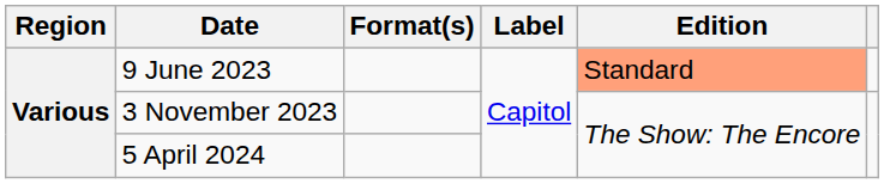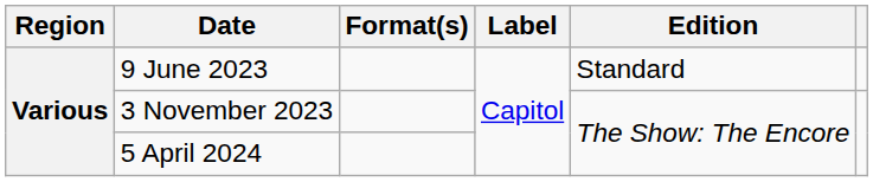 <table class="wikitable plainrowheaders">
 <tr>
 <th scope="col">Region</th>
 <th scope="col">Date</th>
 <th scope="col">Format(s)</th>
 <th scope="col">Label</th>
 <th scope="col">Edition</th>
 <th scope="col"></th>
 </tr>
 <tr>
 <th scope="row" rowspan="3">Various</th>
 <td>9 June 2023</td>
 <td></td>
 <td rowspan="3"><a href='#'>Capitol</a></td>
-<td style="background: lightsalmon;">Standard</td>
+<td>Standard</td>
 <td style="text-align:center;"></td>
 </tr>
 <tr>
 <td>3 November 2023</td>
 <td></td>
 <td rowspan="2"><em>The Show: The Encore</em></td>
 <td rowspan="2"></td>
 </tr>
 <tr>
 <td>5 April 2024</td>
 <td></td>
 </tr>
 </table>
